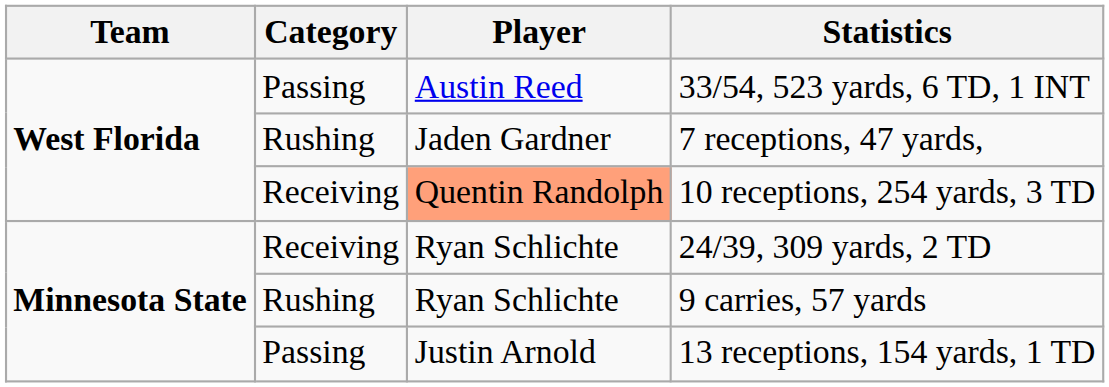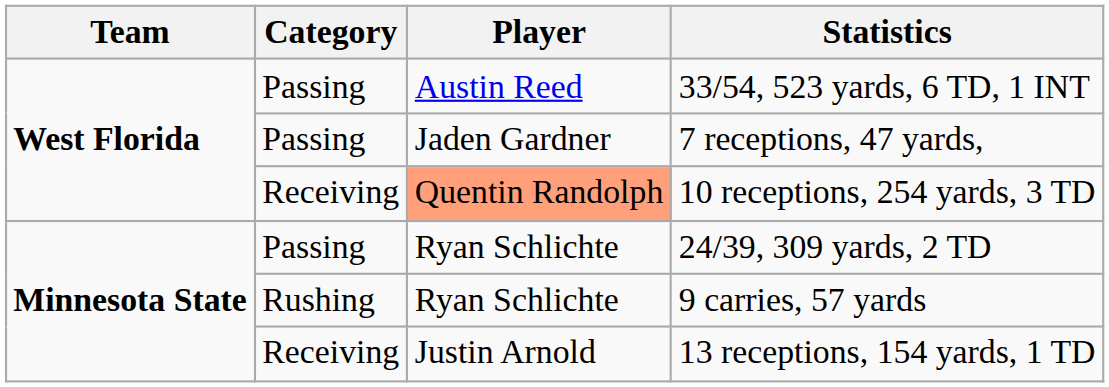 <table class="wikitable" style="float: right;">
 <tr>
 <th>Team</th>
 <th>Category</th>
 <th>Player</th>
 <th>Statistics</th>
 </tr>
 <tr>
 <td rowspan=3><strong>West Florida</strong></td>
 <td>Passing</td>
 <td><a href='#'>Austin Reed</a></td>
 <td>33/54, 523 yards, 6 TD, 1 INT</td>
 </tr>
 <tr>
-<td>Rushing</td>
+<td>Passing</td>
 <td>Jaden Gardner</td>
 <td>7 receptions, 47 yards,</td>
 </tr>
 <tr>
 <td>Receiving</td>
 <td style="background: lightsalmon;">Quentin Randolph</td>
 <td>10 receptions, 254 yards, 3 TD</td>
 </tr>
 <tr>
 <td rowspan=3><strong>Minnesota State</strong></td>
-<td>Receiving</td>
+<td>Passing</td>
 <td>Ryan Schlichte</td>
 <td>24/39, 309 yards, 2 TD</td>
 </tr>
 <tr>
 <td>Rushing</td>
 <td>Ryan Schlichte</td>
 <td>9 carries, 57 yards</td>
 </tr>
 <tr>
-<td>Passing</td>
+<td>Receiving</td>
 <td>Justin Arnold</td>
 <td>13 receptions, 154 yards, 1 TD</td>
 </tr>
 </table>
